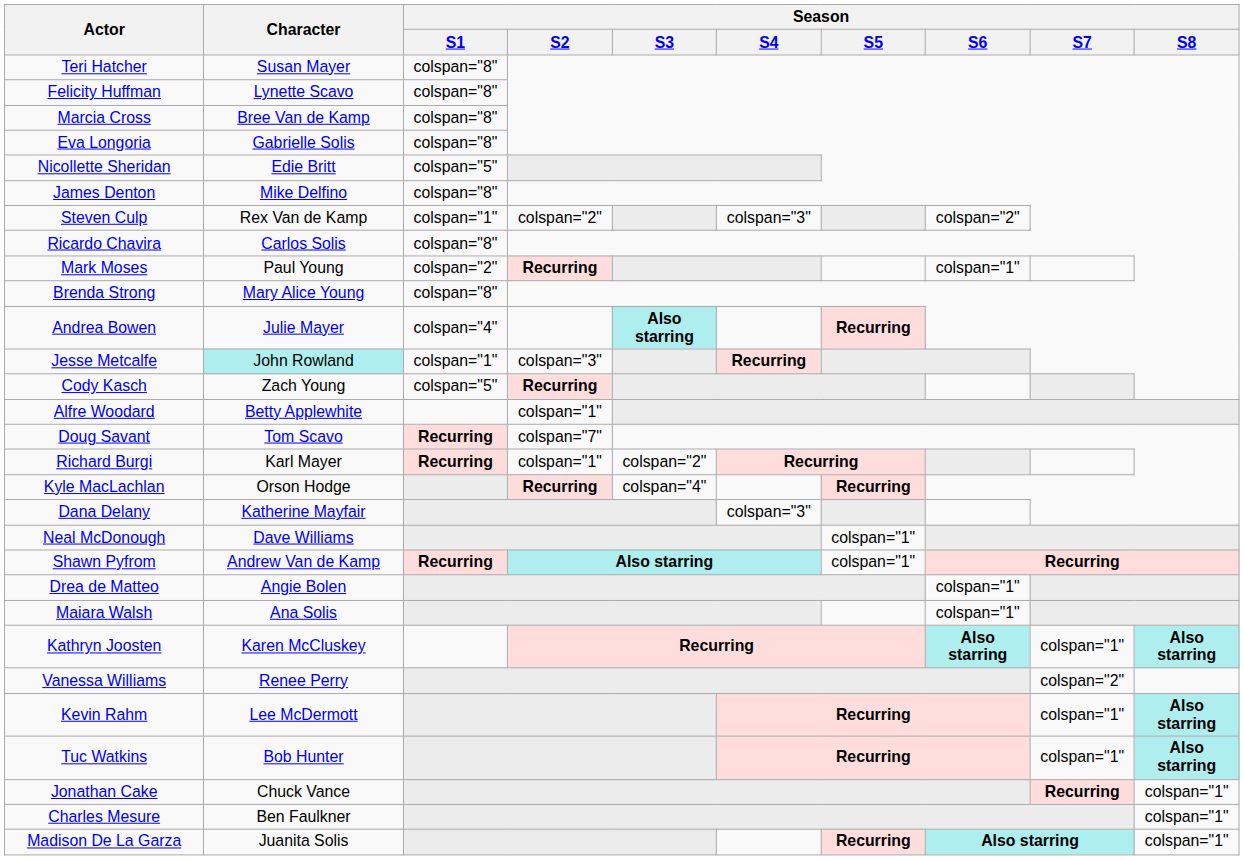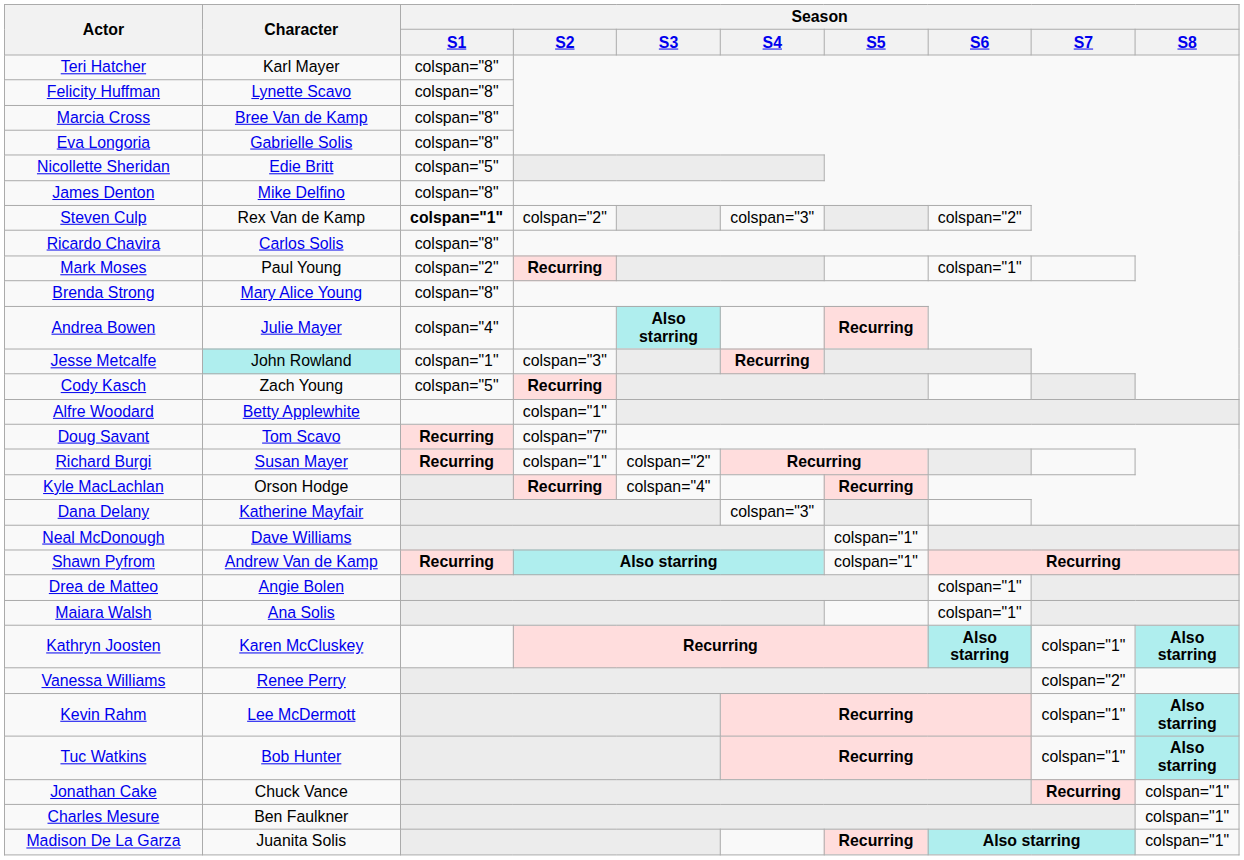 <table class="wikitable plainrowheaders" style="text-align:center">
 <tr>
 <th rowspan="2" style="width:14%;" scope="col">Actor</th>
 <th rowspan="2" style="width:14%;" scope="col">Character</th>
 <th colspan="8">Season</th>
 </tr>
 <tr>
 <th style="width:7%;" scope="col"><a href='#'>S1</a></th>
 <th style="width:7%;" scope="col"><a href='#'>S2</a></th>
 <th style="width:7%;" scope="col"><a href='#'>S3</a></th>
 <th style="width:7%;" scope="col"><a href='#'>S4</a></th>
 <th style="width:7%;" scope="col"><a href='#'>S5</a></th>
 <th style="width:7%;" scope="col"><a href='#'>S6</a></th>
 <th style="width:7%;" scope="col"><a href='#'>S7</a></th>
 <th style="width:7%;" scope="col"><a href='#'>S8</a></th>
 </tr>
 <tr>
 <td><a href='#'>Teri Hatcher</a></td>
-<td><a href='#'>Susan Mayer</a></td>
+<td>Karl Mayer</td>
 <td>colspan="8" </td>
 </tr>
 <tr>
 <td><a href='#'>Felicity Huffman</a></td>
 <td><a href='#'>Lynette Scavo</a></td>
 <td>colspan="8" </td>
 </tr>
 <tr>
 <td><a href='#'>Marcia Cross</a></td>
 <td><a href='#'>Bree Van de Kamp</a></td>
 <td>colspan="8" </td>
 </tr>
 <tr>
 <td><a href='#'>Eva Longoria</a></td>
 <td><a href='#'>Gabrielle  Solis</a></td>
 <td>colspan="8" </td>
 </tr>
 <tr>
 <td><a href='#'>Nicollette Sheridan</a></td>
 <td><a href='#'>Edie Britt</a></td>
 <td>colspan="5" </td>
 <td colspan="3" style="background:#ececec; text-align:center;"></td>
 </tr>
 <tr>
 <td><a href='#'>James Denton</a></td>
 <td><a href='#'>Mike Delfino</a></td>
 <td>colspan="8" </td>
 </tr>
 <tr>
 <td><a href='#'>Steven Culp</a></td>
 <td>Rex Van de Kamp</td>
-<td>colspan="1" </td>
+<td><strong>colspan="1" </strong></td>
 <td>colspan="2" </td>
 <td colspan="1" style="background:#ececec; text-align:center;"></td>
 <td>colspan="3" </td>
 <td colspan="1" style="background:#ececec; text-align:center;"></td>
 <td>colspan="2" </td>
 </tr>
 <tr>
 <td><a href='#'>Ricardo Chavira</a></td>
 <td><a href='#'>Carlos Solis</a></td>
 <td>colspan="8" </td>
 </tr>
 <tr>
 <td><a href='#'>Mark Moses</a></td>
 <td>Paul Young</td>
 <td>colspan="2" </td>
 <td colspan="1" style="background:#fdd; text-align:center;"><strong>Recurring</strong></td>
 <td colspan="2" style="background:#ececec; text-align:center;"></td>
 <td></td>
 <td>colspan="1" </td>
 <td></td>
 </tr>
 <tr>
 <td><a href='#'>Brenda Strong</a></td>
 <td><a href='#'>Mary Alice Young</a></td>
 <td>colspan="8" </td>
 </tr>
 <tr>
 <td><a href='#'>Andrea Bowen</a> </td>
 <td><a href='#'>Julie Mayer</a></td>
 <td>colspan="4" </td>
 <td></td>
 <td colspan="1" style="background:#afeeee; text-align:center;"><strong>Also starring</strong></td>
 <td></td>
 <td colspan="1" style="background:#fdd; text-align:center;"><strong>Recurring</strong></td>
 </tr>
 <tr>
 <td><a href='#'>Jesse Metcalfe</a></td>
 <td style="background: paleturquoise;">John Rowland</td>
 <td>colspan="1" </td>
 <td>colspan="3" </td>
 <td colspan="1" style="background:#ececec; text-align:center;"></td>
 <td colspan="1" style="background:#fdd; text-align:center;"><strong>Recurring</strong></td>
 <td colspan="2" style="background:#ececec; text-align:center;"></td>
 </tr>
 <tr>
 <td><a href='#'>Cody Kasch</a></td>
 <td>Zach Young</td>
 <td>colspan="5" </td>
 <td colspan="1" style="background:#fdd; text-align:center;"><strong>Recurring</strong></td>
 <td colspan="3" style="background:#ececec; text-align:center;"></td>
 <td></td>
 <td colspan="1" style="background:#ececec; text-align:center;"></td>
 </tr>
 <tr>
 <td><a href='#'>Alfre Woodard</a></td>
 <td><a href='#'>Betty Applewhite</a></td>
 <td></td>
 <td>colspan="1" </td>
 <td colspan="6" style="background:#ececec; text-align:center;"></td>
 </tr>
 <tr>
 <td><a href='#'>Doug Savant</a></td>
 <td><a href='#'>Tom Scavo</a></td>
 <td colspan="1" style="background:#fdd; text-align:center;"><strong>Recurring</strong></td>
 <td>colspan="7" </td>
 </tr>
 <tr>
 <td><a href='#'>Richard Burgi</a></td>
-<td>Karl Mayer</td>
+<td><a href='#'>Susan Mayer</a></td>
 <td colspan="1" style="background:#fdd; text-align:center;"><strong>Recurring</strong></td>
 <td>colspan="1" </td>
 <td>colspan="2" </td>
 <td colspan="2" style="background:#fdd; text-align:center;"><strong>Recurring</strong></td>
 <td colspan="1" style="background:#ececec; text-align:center;"></td>
 <td></td>
 </tr>
 <tr>
 <td><a href='#'>Kyle MacLachlan</a></td>
 <td>Orson Hodge</td>
 <td colspan="1" style="background:#ececec; text-align:center;"></td>
 <td colspan="1" style="background:#fdd; text-align:center;"><strong>Recurring</strong></td>
 <td>colspan="4" </td>
 <td></td>
 <td colspan="1" style="background:#fdd; text-align:center;"><strong>Recurring</strong></td>
 </tr>
 <tr>
 <td><a href='#'>Dana Delany</a></td>
 <td><a href='#'>Katherine Mayfair</a></td>
 <td colspan="3" style="background:#ececec; text-align:center;"></td>
 <td>colspan="3" </td>
 <td colspan="1" style="background:#ececec; text-align:center;"></td>
 <td></td>
 </tr>
 <tr>
 <td><a href='#'>Neal McDonough</a></td>
 <td><a href='#'>Dave Williams</a></td>
 <td colspan="4" style="background:#ececec; text-align:center;"></td>
 <td>colspan="1" </td>
 <td colspan="3" style="background:#ececec; text-align:center;"></td>
 </tr>
 <tr>
 <td><a href='#'>Shawn Pyfrom</a></td>
 <td><a href='#'>Andrew Van de Kamp</a></td>
 <td colspan="1" style="background:#fdd; text-align:center;"><strong>Recurring</strong></td>
 <td colspan="3" style="background:#afeeee; text-align:center;"><strong>Also starring</strong></td>
 <td>colspan="1" </td>
 <td colspan="3" style="background:#fdd; text-align:center;"><strong>Recurring</strong></td>
 </tr>
 <tr>
 <td><a href='#'>Drea de Matteo</a></td>
 <td><a href='#'>Angie Bolen</a></td>
 <td colspan="5" style="background:#ececec; text-align:center;"></td>
 <td>colspan="1" </td>
 <td colspan="2" style="background:#ececec; text-align:center;"></td>
 </tr>
 <tr>
 <td><a href='#'>Maiara Walsh</a></td>
 <td><a href='#'>Ana Solis</a></td>
 <td colspan="4" style="background:#ececec; text-align:center;"></td>
 <td></td>
 <td>colspan="1" </td>
 <td colspan="2" style="background:#ececec; text-align:center;"></td>
 </tr>
 <tr>
 <td><a href='#'>Kathryn Joosten</a>   </td>
 <td><a href='#'>Karen McCluskey</a></td>
 <td></td>
 <td colspan="4" style="background:#fdd; text-align:center;"><strong>Recurring</strong></td>
 <td colspan="1" style="background:#afeeee; text-align:center;"><strong>Also starring</strong></td>
 <td>colspan="1" </td>
 <td colspan="1" style="background:#afeeee; text-align:center;"><strong>Also starring</strong></td>
 </tr>
 <tr>
 <td><a href='#'>Vanessa Williams</a></td>
 <td><a href='#'>Renee Perry</a></td>
 <td colspan="6" style="background:#ececec; text-align:center;"></td>
 <td>colspan="2" </td>
 </tr>
 <tr>
 <td><a href='#'>Kevin Rahm</a> </td>
 <td><a href='#'>Lee McDermott</a></td>
 <td colspan="3" style="background:#ececec; text-align:center;"></td>
 <td colspan="3" style="background:#fdd; text-align:center;"><strong>Recurring</strong></td>
 <td>colspan="1" </td>
 <td colspan="1" style="background:#afeeee; text-align:center;"><strong>Also starring</strong></td>
 </tr>
 <tr>
 <td><a href='#'>Tuc Watkins</a> </td>
 <td><a href='#'>Bob Hunter</a></td>
 <td colspan="3" style="background:#ececec; text-align:center;"></td>
 <td colspan="3" style="background:#fdd; text-align:center;"><strong>Recurring</strong></td>
 <td>colspan="1" </td>
 <td colspan="1" style="background:#afeeee; text-align:center;"><strong>Also starring</strong></td>
 </tr>
 <tr>
 <td><a href='#'>Jonathan Cake</a></td>
 <td>Chuck Vance</td>
 <td colspan="6" style="background:#ececec; text-align:center;"></td>
 <td colspan="1" style="background:#fdd; text-align:center;"><strong>Recurring</strong></td>
 <td>colspan="1" </td>
 </tr>
 <tr>
 <td><a href='#'>Charles Mesure</a></td>
 <td>Ben Faulkner</td>
 <td colspan="7" style="background:#ececec; text-align:center;"></td>
 <td>colspan="1" </td>
 </tr>
 <tr>
 <td><a href='#'>Madison De La Garza</a> </td>
 <td>Juanita Solis</td>
 <td colspan="3" style="background:#ececec; text-align:center;"></td>
 <td></td>
 <td colspan="1" style="background:#fdd; text-align:center;"><strong>Recurring</strong></td>
 <td colspan="2" style="background:#afeeee; text-align:center;"><strong>Also starring</strong></td>
 <td>colspan="1" </td>
 </tr>
 </table>
